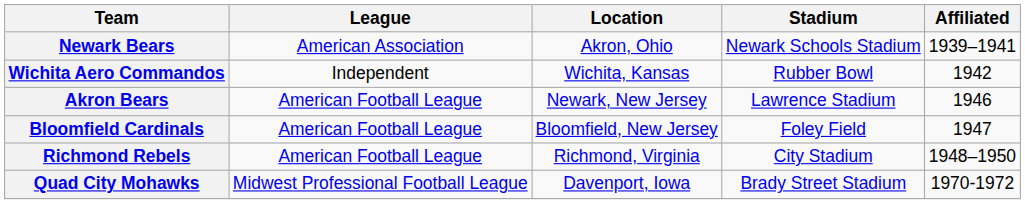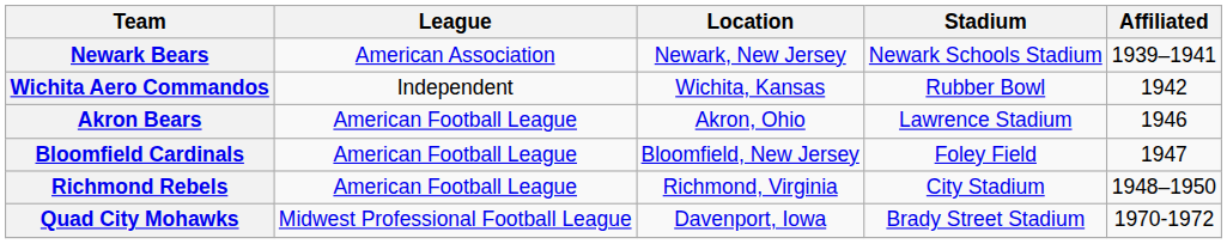 <table class="wikitable" style="text-align:center">
 <tr>
 <th>Team</th>
 <th>League</th>
 <th>Location</th>
 <th>Stadium</th>
 <th>Affiliated</th>
 </tr>
 <tr>
 <th scope="row"><a href='#'>Newark Bears</a></th>
 <td><a href='#'>American Association</a></td>
-<td><a href='#'>Akron, Ohio</a></td>
+<td><a href='#'>Newark, New Jersey</a></td>
 <td><a href='#'>Newark Schools Stadium</a></td>
 <td>1939–1941</td>
 </tr>
 <tr>
 <th scope="row"><a href='#'>Wichita Aero Commandos</a></th>
 <td>Independent</td>
 <td><a href='#'>Wichita, Kansas</a></td>
 <td><a href='#'>Rubber Bowl</a></td>
 <td>1942</td>
 </tr>
 <tr>
 <th scope="row"><a href='#'>Akron Bears</a></th>
 <td><a href='#'>American Football League</a></td>
-<td><a href='#'>Newark, New Jersey</a></td>
+<td><a href='#'>Akron, Ohio</a></td>
 <td><a href='#'>Lawrence Stadium</a></td>
 <td>1946</td>
 </tr>
 <tr>
 <th scope="row"><a href='#'>Bloomfield Cardinals</a></th>
 <td><a href='#'>American Football League</a></td>
 <td><a href='#'>Bloomfield, New Jersey</a></td>
 <td><a href='#'>Foley Field</a></td>
 <td>1947</td>
 </tr>
 <tr>
 <th scope="row"><a href='#'>Richmond Rebels</a></th>
 <td><a href='#'>American Football League</a></td>
 <td><a href='#'>Richmond, Virginia</a></td>
 <td><a href='#'>City Stadium</a></td>
 <td>1948–1950</td>
 </tr>
 <tr>
 <th scope="row"><a href='#'>Quad City Mohawks</a></th>
 <td><a href='#'>Midwest Professional Football League</a></td>
 <td><a href='#'>Davenport, Iowa</a></td>
 <td><a href='#'>Brady Street Stadium</a></td>
 <td>1970-1972</td>
 </tr>
 <tr>
 </tr>
 </table>
